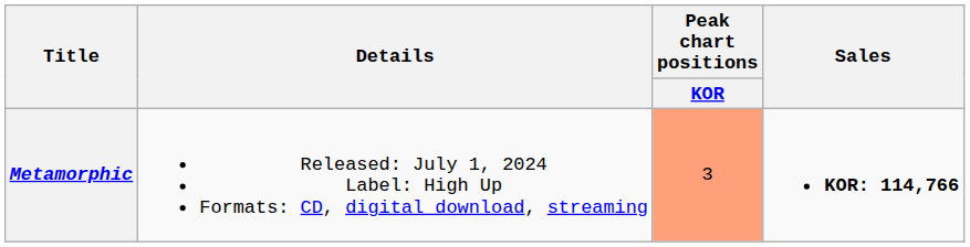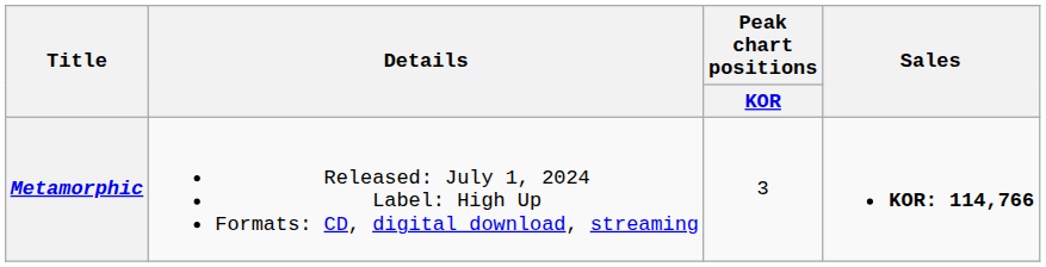 <table class="wikitable plainrowheaders" style="text-align:center">
 <tr>
 <th scope="col" rowspan="2">Title</th>
 <th scope="col" rowspan="2">Details</th>
 <th scope="col">Peak chart positions</th>
 <th scope="col" rowspan="2">Sales</th>
 </tr>
 <tr>
 <th scope="col" style="width:2.5em" style="width:3em;font-size:90%"><a href='#'>KOR</a><br></th>
 </tr>
 <tr>
 <th scope="row"><em><a href='#'>Metamorphic</a></em></th>
 <td><br><ul><li>Released: July 1, 2024</li><li>Label: High Up</li><li>Formats: <a href='#'>CD</a>, <a href='#'>digital download</a>, <a href='#'>streaming</a></li></ul></td>
-<td style="background: lightsalmon;">3</td>
+<td>3</td>
 <td><strong><br><ul><li>KOR: 114,766</li></ul></strong></td>
 </tr>
 </table>
